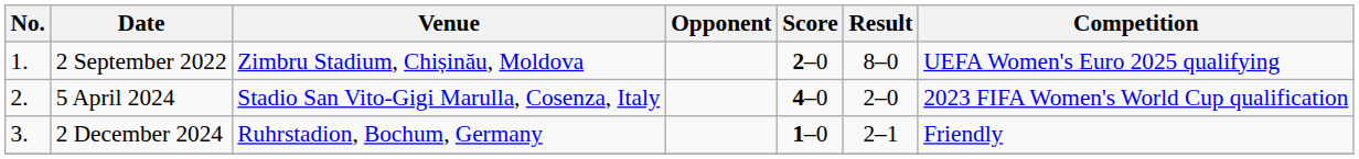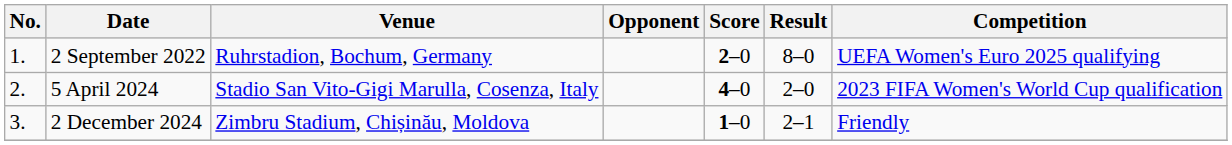 <table class="wikitable">
 <tr>
 <th>No.</th>
 <th>Date</th>
 <th>Venue</th>
 <th>Opponent</th>
 <th>Score</th>
 <th>Result</th>
 <th>Competition</th>
 </tr>
 <tr>
 <td>1.</td>
 <td>2 September 2022</td>
-<td><a href='#'>Zimbru Stadium</a>, <a href='#'>Chișinău</a>, <a href='#'>Moldova</a></td>
+<td><a href='#'>Ruhrstadion</a>, <a href='#'>Bochum</a>, <a href='#'>Germany</a></td>
 <td></td>
 <td align=center><strong>2</strong>–0</td>
 <td align=center>8–0</td>
 <td><a href='#'>UEFA Women's Euro 2025 qualifying</a></td>
 </tr>
 <tr>
 <td>2.</td>
 <td>5 April 2024</td>
 <td><a href='#'>Stadio San Vito-Gigi Marulla</a>, <a href='#'>Cosenza</a>, <a href='#'>Italy</a></td>
 <td></td>
 <td align=center><strong>4</strong>–0</td>
 <td align=center>2–0</td>
 <td><a href='#'>2023 FIFA Women's World Cup qualification</a></td>
 </tr>
 <tr>
 <td>3.</td>
 <td>2 December 2024</td>
-<td><a href='#'>Ruhrstadion</a>, <a href='#'>Bochum</a>, <a href='#'>Germany</a></td>
+<td><a href='#'>Zimbru Stadium</a>, <a href='#'>Chișinău</a>, <a href='#'>Moldova</a></td>
 <td></td>
 <td align=center><strong>1</strong>–0</td>
 <td align=center>2–1</td>
 <td><a href='#'>Friendly</a></td>
 </tr>
 <tr>
 </tr>
 </table>
